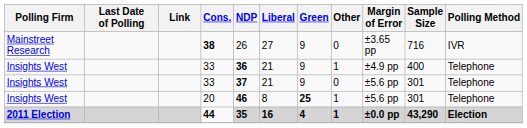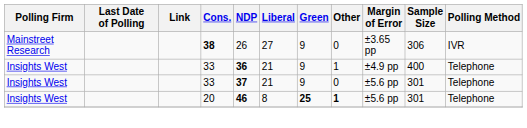 <table class="wikitable sortable">
 <tr style="background:#e9e9e9;">
 <th style="width:120px">Polling Firm</th>
 <th style="width:110px">Last Date<br>of Polling</th>
 <th style="width:60px" class="unsortable">Link</th>
 <th style="background-color:"><strong><a href='#'>Cons.</a></strong></th>
 <th style="background-color:"><strong><a href='#'>NDP</a></strong></th>
 <th style="background-color:"><strong><a href='#'>Liberal</a></strong></th>
 <th style="background-color:"><strong><a href='#'>Green</a></strong></th>
 <th style="background-color:"><strong>Other</strong></th>
 <th style="width:60px;" class=unsortable>Margin<br>of Error</th>
 <th style="width:50px;" class=unsortable>Sample<br>Size</th>
 <th class=unsortable>Polling Method</th>
 </tr>
 <tr>
 <td><a href='#'>Mainstreet Research</a></td>
 <td></td>
 <td></td>
 <td><strong>38</strong></td>
 <td>26</td>
 <td>27</td>
 <td>9</td>
 <td>0</td>
 <td>±3.65 pp</td>
-<td>716</td>
+<td>306</td>
 <td>IVR</td>
 </tr>
 <tr>
 <td><a href='#'>Insights West</a></td>
 <td></td>
 <td></td>
 <td>33</td>
 <td><strong>36</strong></td>
 <td>21</td>
 <td>9</td>
 <td>1</td>
 <td>±4.9 pp</td>
 <td>400</td>
 <td>Telephone</td>
 </tr>
 <tr>
 <td><a href='#'>Insights West</a></td>
 <td></td>
 <td></td>
 <td>33</td>
 <td><strong>37</strong></td>
 <td>21</td>
 <td>9</td>
 <td>0</td>
 <td>±5.6 pp</td>
 <td>301</td>
 <td>Telephone</td>
 </tr>
 <tr>
 <td><a href='#'>Insights West</a></td>
 <td></td>
 <td></td>
 <td>20</td>
 <td><strong>46</strong></td>
 <td>8</td>
 <td><strong>25</strong></td>
-<td>1</td>
+<td><strong>1</strong></td>
 <td>±5.6 pp</td>
 <td>301</td>
 <td>Telephone</td>
-</tr>
-<tr>
-<td style="background:#D5D5D5"><strong><a href='#'>2011 Election</a></strong></td>
-<td style="background:#D5D5D5"><strong></strong></td>
-<td style="background:#D5D5D5"></td>
-<td><strong>44</strong></td>
-<td style="background:#D5D5D5"><strong>35</strong></td>
-<td style="background:#D5D5D5"><strong>16</strong></td>
-<td style="background:#D5D5D5"><strong>4</strong></td>
-<td style="background:#D5D5D5"><strong>1</strong></td>
-<td style="background:#D5D5D5"><strong>±0.0 pp</strong></td>
-<td style="background:#D5D5D5"><strong>43,290</strong></td>
-<td style="background:#D5D5D5"><strong>Election</strong></td>
 </tr>
 <tr>
 </tr>
 <tr>
 </tr>
 </table>
